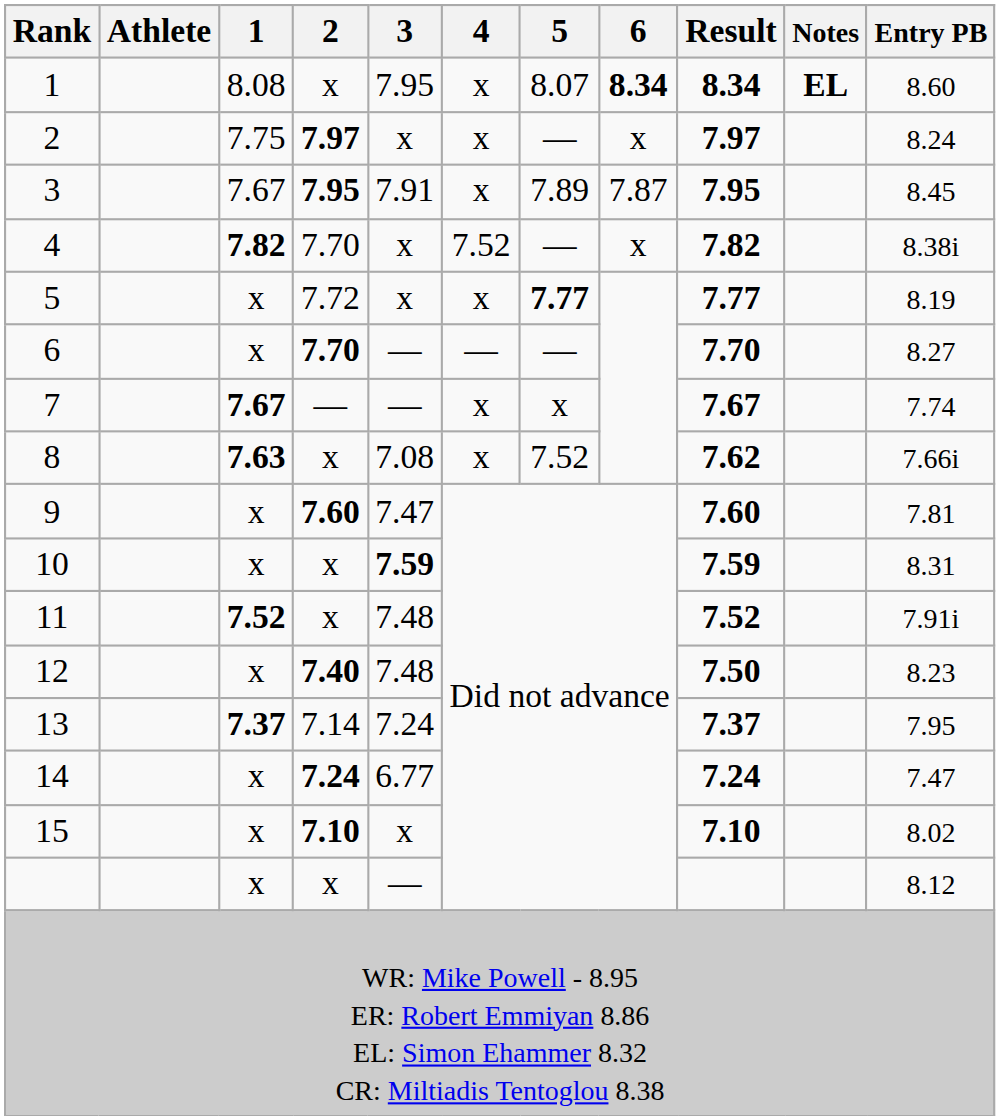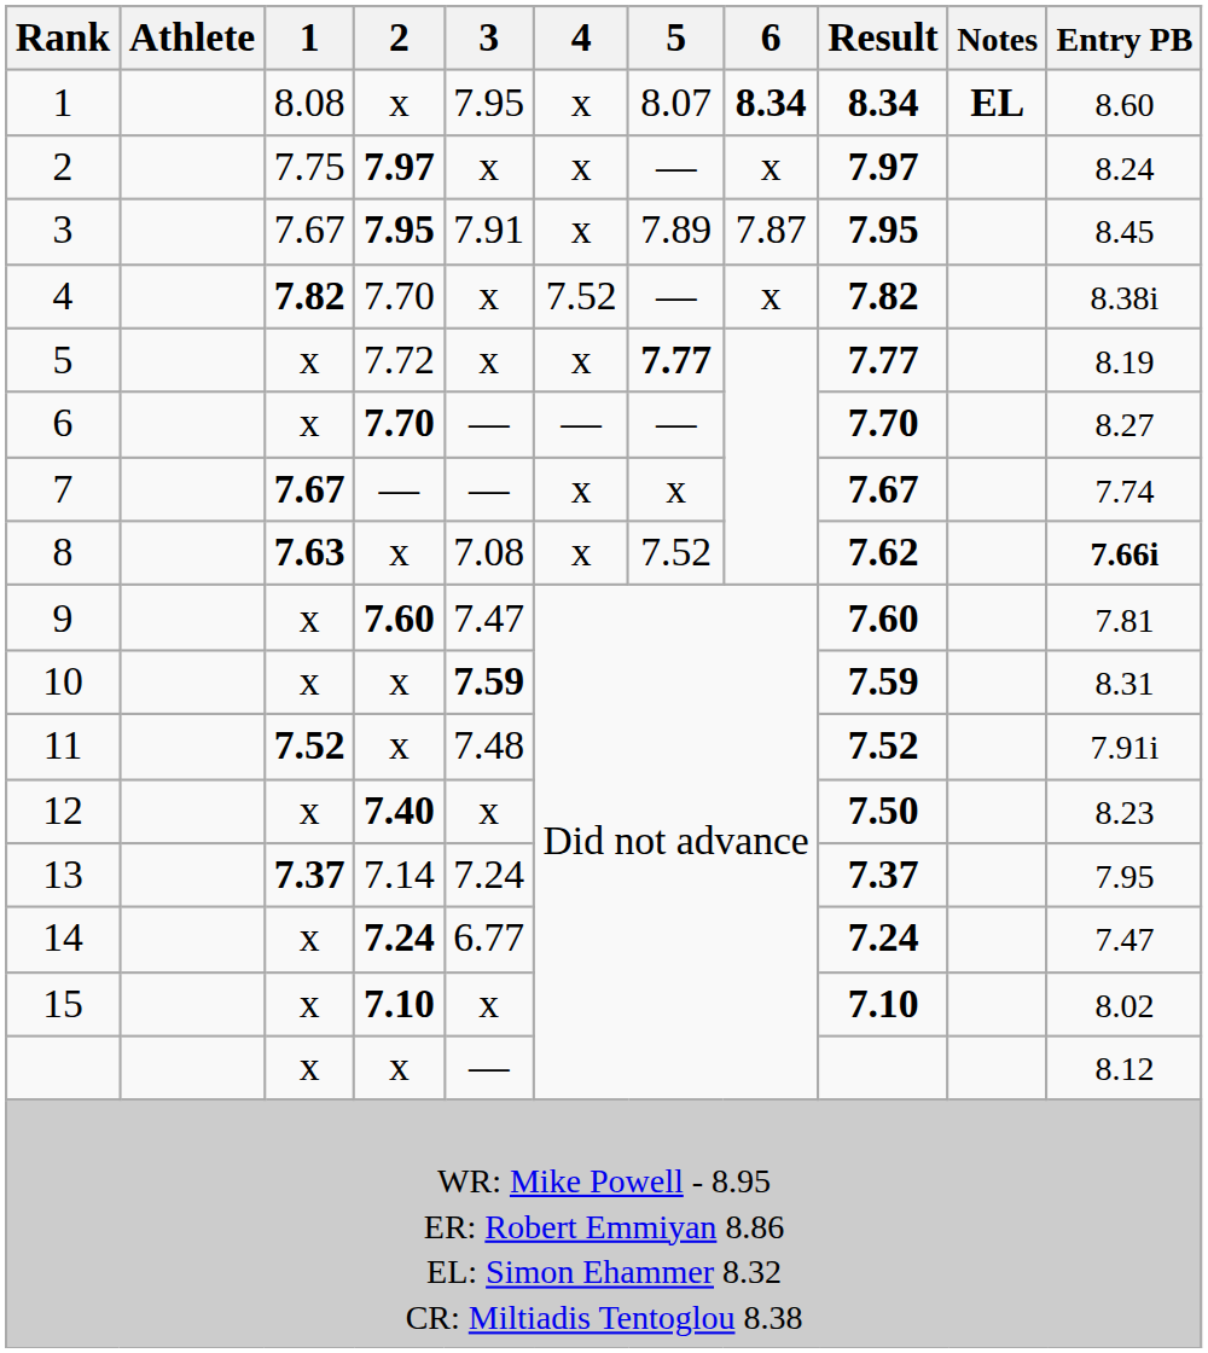 <table class="wikitable sortable" style="text-align:center;">
 <tr>
 <th>Rank</th>
 <th>Athlete</th>
 <th>1</th>
 <th>2</th>
 <th>3</th>
 <th>4</th>
 <th>5</th>
 <th>6</th>
 <th>Result</th>
 <th><small>Notes</small></th>
 <th><small>Entry PB</small></th>
 </tr>
 <tr>
 <td>1</td>
 <td align=left></td>
 <td>8.08</td>
 <td>x</td>
 <td>7.95</td>
 <td>x</td>
 <td>8.07</td>
 <td><strong>8.34</strong></td>
 <td><strong>8.34</strong></td>
 <td> <strong>EL</strong></td>
 <td><small>8.60</small></td>
 </tr>
 <tr>
 <td>2</td>
 <td align=left></td>
 <td>7.75</td>
 <td><strong>7.97</strong></td>
 <td>x</td>
 <td>x</td>
 <td>—</td>
 <td>x</td>
 <td><strong>7.97</strong></td>
 <td></td>
 <td><small>8.24</small></td>
 </tr>
 <tr>
 <td>3</td>
 <td align=left></td>
 <td>7.67</td>
 <td><strong>7.95</strong></td>
 <td>7.91</td>
 <td>x</td>
 <td>7.89</td>
 <td>7.87</td>
 <td><strong>7.95</strong></td>
 <td></td>
 <td><small>8.45</small></td>
 </tr>
 <tr>
 <td>4</td>
 <td align=left></td>
 <td><strong>7.82</strong></td>
 <td>7.70</td>
 <td>x</td>
 <td>7.52</td>
 <td>—</td>
 <td>x</td>
 <td><strong>7.82</strong></td>
 <td></td>
 <td><small>8.38i</small></td>
 </tr>
 <tr>
 <td>5</td>
 <td align=left></td>
 <td>x</td>
 <td>7.72</td>
 <td>x</td>
 <td>x</td>
 <td><strong>7.77</strong></td>
 <td rowspan=4></td>
 <td><strong>7.77</strong></td>
 <td></td>
 <td><small>8.19</small></td>
 </tr>
 <tr>
 <td>6</td>
 <td align=left></td>
 <td>x</td>
 <td><strong>7.70</strong></td>
 <td>—</td>
 <td>—</td>
 <td>—</td>
 <td><strong>7.70</strong></td>
 <td></td>
 <td><small>8.27</small></td>
 </tr>
 <tr>
 <td>7</td>
 <td align=left></td>
 <td><strong>7.67</strong></td>
 <td>—</td>
 <td>—</td>
 <td>x</td>
 <td>x</td>
 <td><strong>7.67</strong></td>
 <td></td>
 <td><small>7.74</small></td>
 </tr>
 <tr>
 <td>8</td>
 <td align=left></td>
 <td><strong>7.63</strong></td>
 <td>x</td>
 <td>7.08</td>
 <td>x</td>
 <td>7.52</td>
 <td><strong>7.62</strong></td>
 <td></td>
-<td><small>7.66i</small></td>
+<td><strong><small>7.66i</small></strong></td>
 </tr>
 <tr>
 <td>9</td>
 <td align=left></td>
 <td>x</td>
 <td><strong>7.60</strong></td>
 <td>7.47</td>
 <td rowspan=8 colspan=3>Did not advance</td>
 <td><strong>7.60</strong></td>
 <td></td>
 <td><small>7.81</small></td>
 </tr>
 <tr>
 <td>10</td>
 <td align=left></td>
 <td>x</td>
 <td>x</td>
 <td><strong>7.59</strong></td>
 <td><strong>7.59</strong></td>
 <td></td>
 <td><small>8.31</small></td>
 </tr>
 <tr>
 <td>11</td>
 <td align=left></td>
 <td><strong>7.52</strong></td>
 <td>x</td>
 <td>7.48</td>
 <td><strong>7.52</strong></td>
 <td></td>
 <td><small>7.91i</small></td>
 </tr>
 <tr>
 <td>12</td>
 <td align=left></td>
 <td>x</td>
 <td><strong>7.40</strong></td>
-<td>7.48</td>
+<td>x</td>
 <td><strong>7.50</strong></td>
 <td></td>
 <td><small>8.23</small></td>
 </tr>
 <tr>
 <td>13</td>
 <td align=left></td>
 <td><strong>7.37</strong></td>
 <td>7.14</td>
 <td>7.24</td>
 <td><strong>7.37</strong></td>
 <td></td>
 <td><small>7.95</small></td>
 </tr>
 <tr>
 <td>14</td>
 <td align=left></td>
 <td>x</td>
 <td><strong>7.24</strong></td>
 <td>6.77</td>
 <td><strong>7.24</strong></td>
 <td></td>
 <td><small>7.47</small></td>
 </tr>
 <tr>
 <td>15</td>
 <td align=left></td>
 <td>x</td>
 <td><strong>7.10</strong></td>
 <td>x</td>
 <td><strong>7.10</strong></td>
 <td></td>
 <td><small>8.02</small></td>
 </tr>
 <tr>
 <td></td>
 <td align=left></td>
 <td>x</td>
 <td>x</td>
 <td>—</td>
 <td></td>
 <td></td>
 <td><small>8.12</small></td>
 </tr>
 <tr class="sortbottom">
 <td colspan="11" bgcolor="#cccccc"><br> <small>WR:   <a href='#'>Mike Powell</a> - 8.95<br>ER:  <a href='#'>Robert Emmiyan</a> 8.86<br></small> <small>EL:   <a href='#'>Simon Ehammer</a> 8.32<br>CR:  <a href='#'>Miltiadis Tentoglou</a> 8.38</small></td>
 </tr>
 </table>
